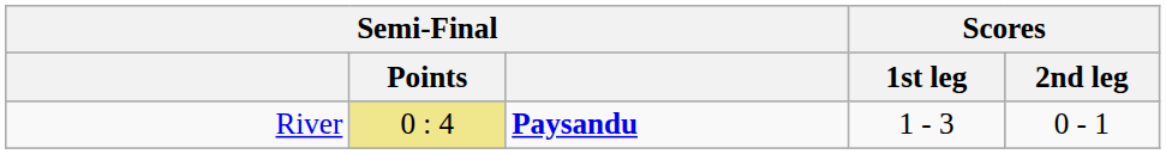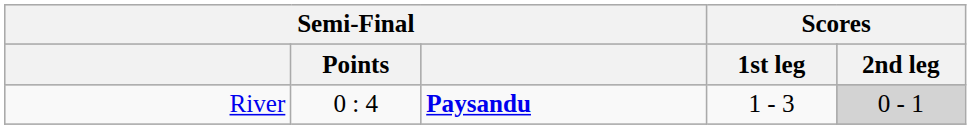 <table class="wikitable" style="text-align:center;">
 <tr>
 <th colspan=3>Semi-Final</th>
 <th colspan=3>Scores</th>
 </tr>
 <tr>
 <th width="175"></th>
 <th width="75">Points</th>
 <th width="175"></th>
 <th width="75">1st leg</th>
 <th width="75">2nd leg</th>
 </tr>
 <tr>
 <td align=right><a href='#'>River</a></td>
-<td style="background: khaki;">0 : 4</td>
+<td>0 : 4</td>
 <td align=left><strong><a href='#'>Paysandu</a></strong></td>
 <td>1 - 3</td>
-<td>0 - 1</td>
+<td style="background: lightgrey;">0 - 1</td>
 </tr>
 </table>
